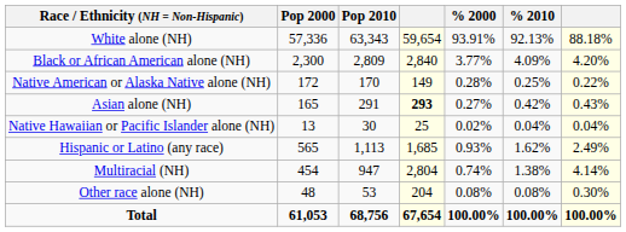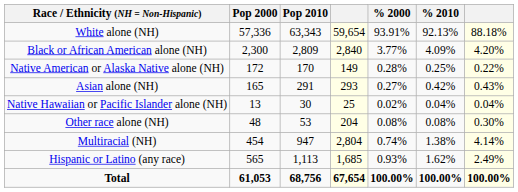 <table class="wikitable" style="text-align:center;">
 <tr>
 <th>Race / Ethnicity <small>(<em>NH = Non-Hispanic</em>)</small></th>
 <th>Pop 2000</th>
 <th>Pop 2010</th>
 <th></th>
 <th>% 2000</th>
 <th>% 2010</th>
 <th></th>
 </tr>
 <tr>
 <td><a href='#'>White</a> alone (NH)</td>
 <td>57,336</td>
 <td>63,343</td>
 <td style='background: #ffffe6;'>59,654</td>
 <td>93.91%</td>
 <td>92.13%</td>
 <td style='background: #ffffe6;'>88.18%</td>
 </tr>
 <tr>
 <td><a href='#'>Black or African American</a> alone (NH)</td>
 <td>2,300</td>
 <td>2,809</td>
 <td style='background: #ffffe6;'>2,840</td>
 <td>3.77%</td>
 <td>4.09%</td>
 <td style='background: #ffffe6;'>4.20%</td>
 </tr>
 <tr>
 <td><a href='#'>Native American</a> or <a href='#'>Alaska Native</a> alone (NH)</td>
 <td>172</td>
 <td>170</td>
 <td style='background: #ffffe6;'>149</td>
 <td>0.28%</td>
 <td>0.25%</td>
 <td style='background: #ffffe6;'>0.22%</td>
 </tr>
 <tr>
 <td><a href='#'>Asian</a> alone (NH)</td>
 <td>165</td>
 <td>291</td>
-<td style='background: #ffffe6;'><strong>293</strong></td>
+<td style='background: #ffffe6;'>293</td>
 <td>0.27%</td>
 <td>0.42%</td>
 <td style='background: #ffffe6;'>0.43%</td>
 </tr>
 <tr>
 <td><a href='#'>Native Hawaiian</a> or <a href='#'>Pacific Islander</a> alone (NH)</td>
 <td>13</td>
 <td>30</td>
 <td style='background: #ffffe6;'>25</td>
 <td>0.02%</td>
 <td>0.04%</td>
 <td style='background: #ffffe6;'>0.04%</td>
 </tr>
 <tr>
-<td><a href='#'>Hispanic or Latino</a> (any race)</td>
-<td>565</td>
-<td>1,113</td>
-<td style='background: #ffffe6;'>1,685</td>
-<td>0.93%</td>
-<td>1.62%</td>
-<td style='background: #ffffe6;'>2.49%</td>
+<td><a href='#'>Other race</a> alone (NH)</td>
+<td>48</td>
+<td>53</td>
+<td style='background: #ffffe6;'>204</td>
+<td>0.08%</td>
+<td>0.08%</td>
+<td style='background: #ffffe6;'>0.30%</td>
 </tr>
 <tr>
 <td><a href='#'>Multiracial</a> (NH)</td>
 <td>454</td>
 <td>947</td>
 <td style='background: #ffffe6;'>2,804</td>
 <td>0.74%</td>
 <td>1.38%</td>
 <td style='background: #ffffe6;'>4.14%</td>
 </tr>
 <tr>
-<td><a href='#'>Other race</a> alone (NH)</td>
-<td>48</td>
-<td>53</td>
-<td style='background: #ffffe6;'>204</td>
-<td>0.08%</td>
-<td>0.08%</td>
-<td style='background: #ffffe6;'>0.30%</td>
+<td><a href='#'>Hispanic or Latino</a> (any race)</td>
+<td>565</td>
+<td>1,113</td>
+<td style='background: #ffffe6;'>1,685</td>
+<td>0.93%</td>
+<td>1.62%</td>
+<td style='background: #ffffe6;'>2.49%</td>
 </tr>
 <tr>
 <td><strong>Total</strong></td>
 <td><strong>61,053</strong></td>
 <td><strong>68,756</strong></td>
 <td style='background: #ffffe6;'><strong>67,654</strong></td>
 <td><strong>100.00%</strong></td>
 <td><strong>100.00%</strong></td>
 <td style='background: #ffffe6;'><strong>100.00%</strong></td>
 </tr>
 </table>
